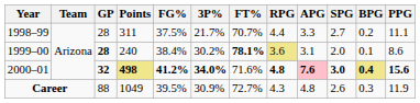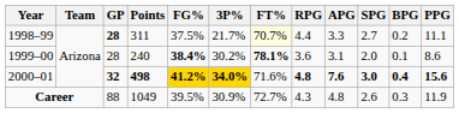 <table class="wikitable sortable">
 <tr>
 <th>Year</th>
 <th>Team</th>
 <th>GP</th>
 <th>Points</th>
 <th>FG%</th>
 <th>3P%</th>
 <th>FT%</th>
 <th>RPG</th>
 <th>APG</th>
 <th>SPG</th>
 <th>BPG</th>
 <th>PPG</th>
 </tr>
 <tr>
 <td>1998–99</td>
 <td rowspan=3>Arizona</td>
-<td>28</td>
+<td><strong>28</strong></td>
 <td>311</td>
 <td>37.5%</td>
 <td>21.7%</td>
-<td>70.7%</td>
+<td style="background: lightyellow;">70.7%</td>
 <td>4.4</td>
 <td>3.3</td>
 <td>2.7</td>
 <td>0.2</td>
 <td>11.1</td>
 </tr>
 <tr>
 <td>1999–00</td>
-<td><strong>28</strong></td>
+<td>28</td>
 <td>240</td>
-<td>38.4%</td>
+<td><strong>38.4%</strong></td>
 <td>30.2%</td>
 <td><strong>78.1%</strong></td>
-<td style="background: khaki;">3.6</td>
+<td>3.6</td>
 <td>3.1</td>
 <td>2.0</td>
 <td>0.1</td>
 <td>8.6</td>
 </tr>
 <tr>
 <td>2000–01</td>
 <td><strong>32</strong></td>
-<td style="background: khaki;"><strong>498</strong></td>
-<td><strong>41.2%</strong></td>
-<td><strong>34.0%</strong></td>
+<td><strong>498</strong></td>
+<td style="background: gold;"><strong>41.2%</strong></td>
+<td style="background: gold;"><strong>34.0%</strong></td>
 <td>71.6%</td>
 <td><strong>4.8</strong></td>
-<td style="background: pink;"><strong>7.6</strong></td>
+<td><strong>7.6</strong></td>
 <td><strong>3.0</strong></td>
-<td style="background: khaki;"><strong>0.4</strong></td>
+<td><strong>0.4</strong></td>
 <td><strong>15.6</strong></td>
 </tr>
 <tr class="sortbottom">
 <td align=center colspan=2><strong>Career</strong></td>
 <td>88</td>
 <td>1049</td>
 <td>39.5%</td>
 <td>30.9%</td>
 <td>72.7%</td>
 <td>4.3</td>
 <td>4.8</td>
 <td>2.6</td>
 <td>0.3</td>
 <td>11.9</td>
 </tr>
 </table>
